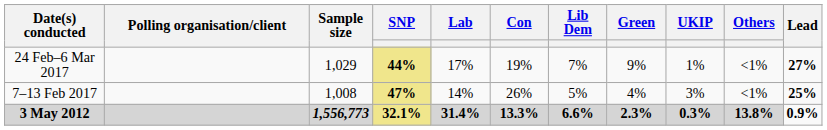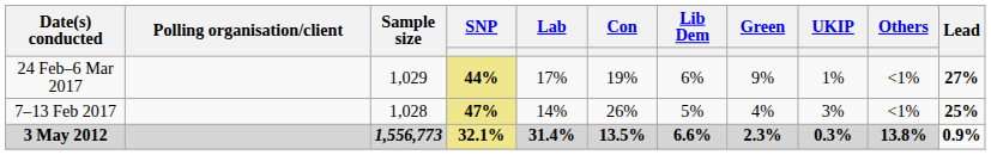 <table class="wikitable sortable" style="text-align:center;font-size:85%;line-height:14px">
 <tr>
 <th style="width:90px;" rowspan="2">Date(s)<br>conducted</th>
 <th style="width:190px;" rowspan="2">Polling organisation/client</th>
 <th style="width:45px;" rowspan="2">Sample size</th>
 <th style="width:50px;" class="unsortable"><a href='#'>SNP</a></th>
 <th style="width:50px;" class="unsortable"><a href='#'>Lab</a></th>
 <th style="width:50px;" class="unsortable"><a href='#'>Con</a></th>
 <th style="width:50px;" class="unsortable"><a href='#'>Lib Dem</a></th>
 <th style="width:50px;" class="unsortable"><a href='#'>Green</a></th>
 <th style="width:50px;" class="unsortable"><a href='#'>UKIP</a></th>
 <th style="width:50px;" class="unsortable"><a href='#'>Others</a></th>
 <th class="unsortable" style="width:20px;" rowspan="2">Lead</th>
 </tr>
 <tr>
 <th class="unsortable" style="color:inherit;background:"></th>
 <th class="unsortable" style="color:inherit;background:"></th>
 <th class="unsortable" style="color:inherit;background:"></th>
 <th class="unsortable" style="color:inherit;background:"></th>
 <th class="unsortable" style="color:inherit;background:"></th>
 <th class="unsortable" style="color:inherit;background:"></th>
 <th class="unsortable" style="color:inherit;background:"></th>
 </tr>
 <tr>
 <td>24 Feb–6 Mar 2017</td>
 <td></td>
 <td>1,029</td>
 <td style="background:#F0E68C"><strong>44%</strong></td>
 <td>17%</td>
 <td>19%</td>
-<td>7%</td>
+<td>6%</td>
 <td>9%</td>
 <td>1%</td>
 <td><1%</td>
 <td style="background:"><strong>27%</strong></td>
 </tr>
 <tr>
 <td>7–13 Feb 2017</td>
 <td></td>
-<td>1,008</td>
+<td>1,028</td>
 <td style="background:#F0E68C"><strong>47%</strong></td>
 <td>14%</td>
 <td>26%</td>
 <td>5%</td>
 <td>4%</td>
 <td>3%</td>
 <td><1%</td>
 <td style="background:"><strong>25%</strong></td>
 </tr>
 <tr>
 <td style="background:#D5D5D5"><strong>3 May 2012</strong></td>
 <td style="background:#D5D5D5"><strong></strong></td>
 <td style="background:#D5D5D5"><strong><em>1,556,773</em></strong></td>
 <td style="background:#F0E68C"><strong>32.1%</strong></td>
 <td style="background:#D5D5D5"><strong>31.4%</strong></td>
-<td style="background:#D5D5D5"><strong>13.3%</strong></td>
+<td style="background:#D5D5D5"><strong>13.5%</strong></td>
 <td style="background:#D5D5D5"><strong>6.6%</strong></td>
 <td style="background:#D5D5D5"><strong>2.3%</strong></td>
 <td style="background:#D5D5D5"><strong>0.3%</strong></td>
 <td style="background:#D5D5D5"><strong>13.8%</strong></td>
 <td style="background:"><strong>0.9%</strong></td>
 </tr>
 </table>
